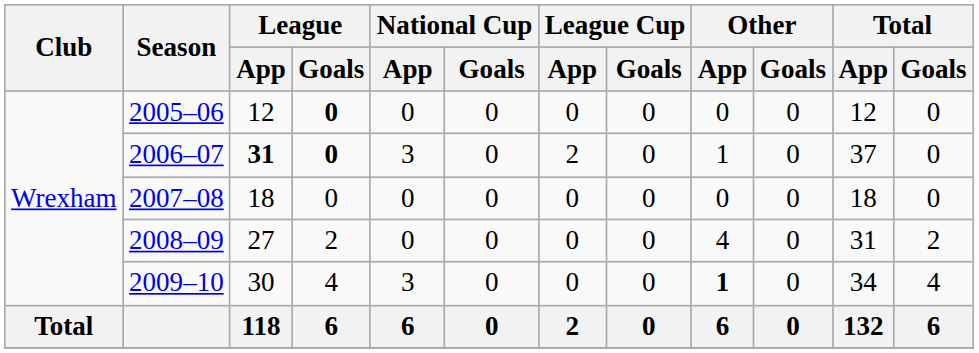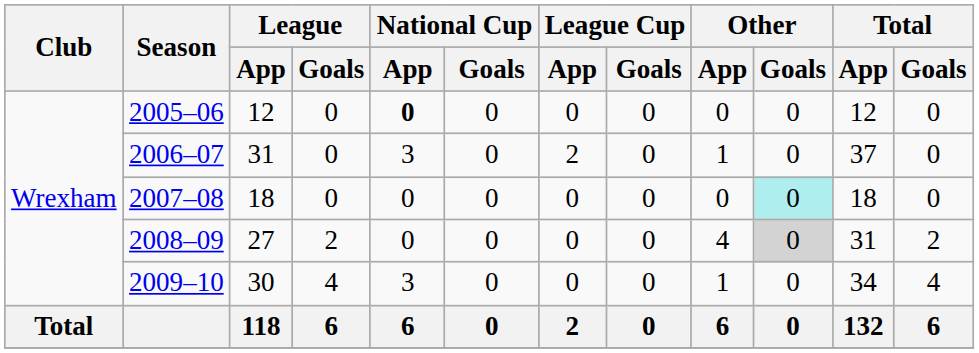 <table class="wikitable">
 <tr>
 <th rowspan=2>Club</th>
 <th rowspan=2>Season</th>
 <th colspan=2>League</th>
 <th colspan=2>National Cup</th>
 <th colspan=2>League Cup</th>
 <th colspan=2>Other</th>
 <th colspan=2>Total</th>
 </tr>
 <tr>
 <th>App</th>
 <th>Goals</th>
 <th>App</th>
 <th>Goals</th>
 <th>App</th>
 <th>Goals</th>
 <th>App</th>
 <th>Goals</th>
 <th>App</th>
 <th>Goals</th>
 </tr>
 <tr align=center>
 <td rowspan=5><a href='#'>Wrexham</a></td>
 <td><a href='#'>2005–06</a></td>
 <td>12</td>
+<td>0</td>
 <td><strong>0</strong></td>
-<td>0</td>
 <td>0</td>
 <td>0</td>
 <td>0</td>
 <td>0</td>
 <td>0</td>
 <td>12</td>
 <td>0</td>
 </tr>
 <tr align=center>
 <td><a href='#'>2006–07</a></td>
-<td><strong>31</strong></td>
-<td><strong>0</strong></td>
+<td>31</td>
+<td>0</td>
 <td>3</td>
 <td>0</td>
 <td>2</td>
 <td>0</td>
 <td>1</td>
 <td>0</td>
 <td>37</td>
 <td>0</td>
 </tr>
 <tr align=center>
 <td><a href='#'>2007–08</a></td>
 <td>18</td>
 <td>0</td>
 <td>0</td>
 <td>0</td>
 <td>0</td>
 <td>0</td>
 <td>0</td>
-<td>0</td>
+<td style="background: paleturquoise;">0</td>
 <td>18</td>
 <td>0</td>
 </tr>
 <tr align=center>
 <td><a href='#'>2008–09</a></td>
 <td>27</td>
 <td>2</td>
 <td>0</td>
 <td>0</td>
 <td>0</td>
 <td>0</td>
 <td>4</td>
-<td>0</td>
+<td style="background: lightgrey;">0</td>
 <td>31</td>
 <td>2</td>
 </tr>
 <tr align=center>
 <td><a href='#'>2009–10</a></td>
 <td>30</td>
 <td>4</td>
 <td>3</td>
 <td>0</td>
 <td>0</td>
 <td>0</td>
-<td><strong>1</strong></td>
+<td>1</td>
 <td>0</td>
 <td>34</td>
 <td>4</td>
 </tr>
 <tr>
 <th>Total</th>
 <th></th>
 <th>118</th>
 <th>6</th>
 <th>6</th>
 <th>0</th>
 <th>2</th>
 <th>0</th>
 <th>6</th>
 <th>0</th>
 <th>132</th>
 <th>6</th>
 </tr>
 <tr>
 </tr>
 </table>
